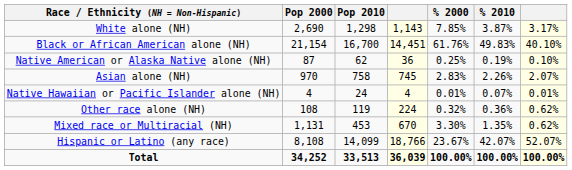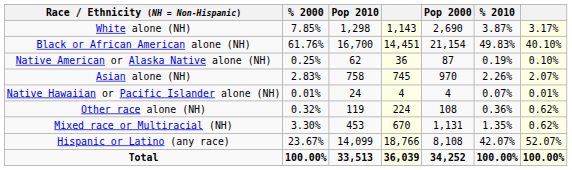 <table class="wikitable" style="text-align:center;">
 <tr>
 <th>Race / Ethnicity <small>(<em>NH = Non-Hispanic</em>)</small></th>
-<th>Pop 2000</th>
+<th>% 2000</th>
 <th>Pop 2010</th>
 <th></th>
-<th>% 2000</th>
+<th>Pop 2000</th>
 <th>% 2010</th>
 <th></th>
 </tr>
 <tr>
 <td><a href='#'>White</a> alone (NH)</td>
-<td>2,690</td>
+<td>7.85%</td>
 <td>1,298</td>
 <td style='background: #ffffe6;'>1,143</td>
-<td>7.85%</td>
+<td>2,690</td>
 <td>3.87%</td>
 <td style='background: #ffffe6;'>3.17%</td>
 </tr>
 <tr>
 <td><a href='#'>Black or African American</a> alone (NH)</td>
-<td>21,154</td>
+<td>61.76%</td>
 <td>16,700</td>
 <td style='background: #ffffe6;'>14,451</td>
-<td>61.76%</td>
+<td>21,154</td>
 <td>49.83%</td>
 <td style='background: #ffffe6;'>40.10%</td>
 </tr>
 <tr>
 <td><a href='#'>Native American</a> or <a href='#'>Alaska Native</a> alone (NH)</td>
-<td>87</td>
+<td>0.25%</td>
 <td>62</td>
 <td style='background: #ffffe6;'>36</td>
-<td>0.25%</td>
+<td>87</td>
 <td>0.19%</td>
 <td style='background: #ffffe6;'>0.10%</td>
 </tr>
 <tr>
 <td><a href='#'>Asian</a> alone (NH)</td>
-<td>970</td>
+<td>2.83%</td>
 <td>758</td>
 <td style='background: #ffffe6;'>745</td>
-<td>2.83%</td>
+<td>970</td>
 <td>2.26%</td>
 <td style='background: #ffffe6;'>2.07%</td>
 </tr>
 <tr>
 <td><a href='#'>Native Hawaiian</a> or <a href='#'>Pacific Islander</a> alone (NH)</td>
-<td>4</td>
+<td>0.01%</td>
 <td>24</td>
 <td style='background: #ffffe6;'>4</td>
-<td>0.01%</td>
+<td>4</td>
 <td>0.07%</td>
 <td style='background: #ffffe6;'>0.01%</td>
 </tr>
 <tr>
 <td><a href='#'>Other race</a> alone (NH)</td>
-<td>108</td>
+<td>0.32%</td>
 <td>119</td>
 <td style='background: #ffffe6;'>224</td>
-<td>0.32%</td>
+<td>108</td>
 <td>0.36%</td>
 <td style='background: #ffffe6;'>0.62%</td>
 </tr>
 <tr>
 <td><a href='#'>Mixed race or Multiracial</a> (NH)</td>
-<td>1,131</td>
+<td>3.30%</td>
 <td>453</td>
 <td style='background: #ffffe6;'>670</td>
-<td>3.30%</td>
+<td>1,131</td>
 <td>1.35%</td>
 <td style='background: #ffffe6;'>0.62%</td>
 </tr>
 <tr>
 <td><a href='#'>Hispanic or Latino</a> (any race)</td>
-<td>8,108</td>
+<td>23.67%</td>
 <td>14,099</td>
 <td style='background: #ffffe6;'>18,766</td>
-<td>23.67%</td>
+<td>8,108</td>
 <td>42.07%</td>
 <td style='background: #ffffe6;'>52.07%</td>
 </tr>
 <tr>
 <td><strong>Total</strong></td>
-<td><strong>34,252</strong></td>
+<td><strong>100.00%</strong></td>
 <td><strong>33,513</strong></td>
 <td style='background: #ffffe6;'><strong>36,039</strong></td>
-<td><strong>100.00%</strong></td>
+<td><strong>34,252</strong></td>
 <td><strong>100.00%</strong></td>
 <td style='background: #ffffe6;'><strong>100.00%</strong></td>
 </tr>
 </table>
